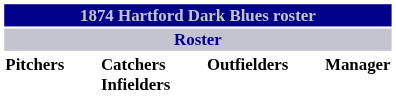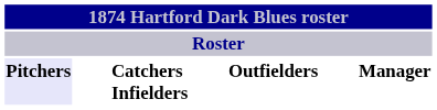 <table class="toccolours" style="font-size: 95%;">
 <tr>
 <th colspan="10" style="background-color: #00008B; color: #C4C3D0; text-align: center;">1874 Hartford Dark Blues roster</th>
 </tr>
 <tr>
 <td colspan="10" style="background-color: #C4C3D0; color: #00008B; text-align: center;"><strong>Roster</strong></td>
 </tr>
 <tr>
-<td valign="top"><strong>Pitchers</strong><br> </td>
+<td valign="top" style="background: lavender;"><strong>Pitchers</strong><br> </td>
 <td width="25px"></td>
 <td valign="top"><strong>Catchers</strong><br> <strong>Infielders</strong>      </td>
 <td width="25px"></td>
 <td valign="top"><strong>Outfielders</strong><br>     </td>
 <td width="25px"></td>
 <td valign="top"><strong>Manager</strong><br></td>
 </tr>
 </table>
